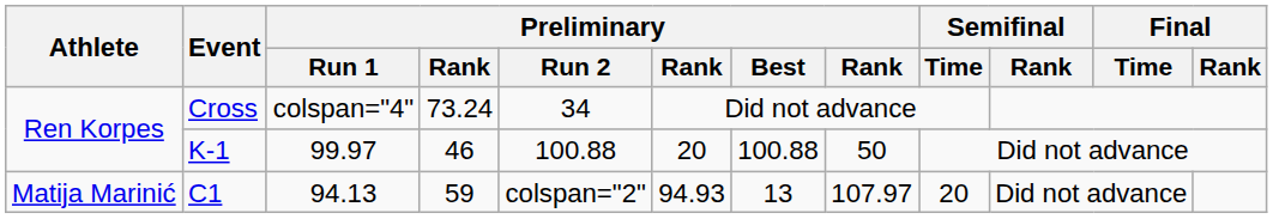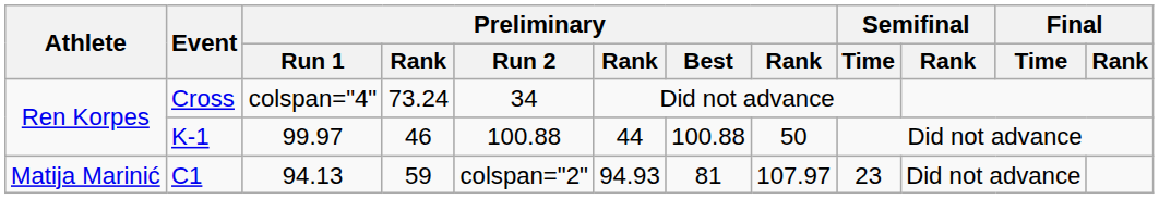 <table class="wikitable" style="font-size:90%">
 <tr>
 <th rowspan="2">Athlete</th>
 <th rowspan="2">Event</th>
 <th colspan="6">Preliminary</th>
 <th colspan="2">Semifinal</th>
 <th colspan="2">Final</th>
 </tr>
 <tr style="font-size:95%">
 <th>Run 1</th>
 <th>Rank</th>
 <th>Run 2</th>
 <th>Rank</th>
 <th>Best</th>
 <th>Rank</th>
 <th>Time</th>
 <th>Rank</th>
 <th>Time</th>
 <th>Rank</th>
 </tr>
 <tr align="center">
 <td rowspan="2"><a href='#'>Ren Korpes</a></td>
 <td align="left"><a href='#'>Cross</a></td>
 <td>colspan="4" </td>
 <td>73.24</td>
 <td>34</td>
 <td colspan="4">Did not advance</td>
 </tr>
 <tr align="center">
 <td align="left"><a href='#'>K-1</a></td>
 <td>99.97</td>
 <td>46</td>
 <td>100.88</td>
-<td>20</td>
+<td>44</td>
 <td>100.88</td>
 <td>50</td>
 <td colspan="4">Did not advance</td>
 </tr>
 <tr align="center">
 <td><a href='#'>Matija Marinić</a></td>
 <td align="left"><a href='#'>C1</a></td>
 <td>94.13</td>
 <td>59</td>
 <td>colspan="2" </td>
 <td>94.93</td>
-<td>13</td>
+<td>81</td>
 <td>107.97</td>
-<td>20</td>
+<td>23</td>
 <td colspan="2">Did not advance</td>
 </tr>
 </table>
